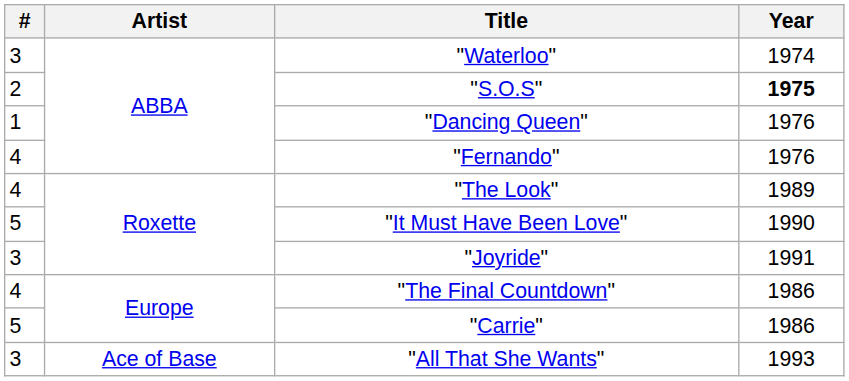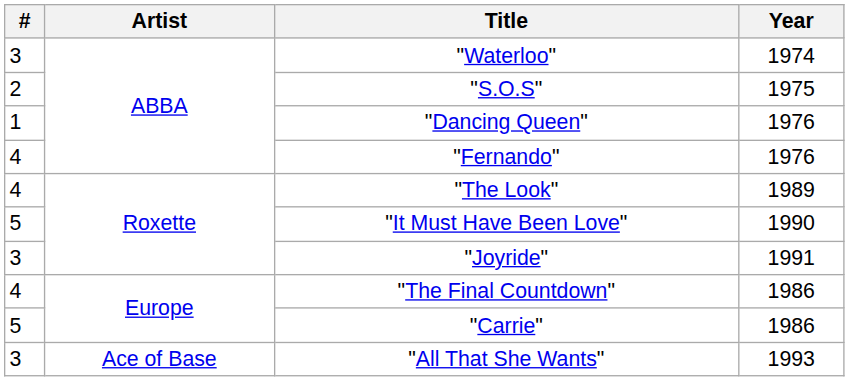 <table class="wikitable" ! style="width:50%; background:#fff">
 <tr>
 <th>#</th>
 <th>Artist</th>
 <th>Title</th>
 <th>Year</th>
 </tr>
 <tr>
 <td>3</td>
 <td style="text-align:center;" rowspan="4"><a href='#'>ABBA</a></td>
 <td style="text-align:center;">"<a href='#'>Waterloo</a>"</td>
 <td style="text-align:center;">1974</td>
 </tr>
 <tr>
 <td>2</td>
 <td style="text-align:center;">"<a href='#'>S.O.S</a>"</td>
-<td style="text-align:center;"><strong>1975</strong></td>
+<td style="text-align:center;">1975</td>
 </tr>
 <tr>
 <td>1</td>
 <td style="text-align:center;">"<a href='#'>Dancing Queen</a>"</td>
 <td style="text-align:center;">1976</td>
 </tr>
 <tr>
 <td>4</td>
 <td style="text-align:center;">"<a href='#'>Fernando</a>"</td>
 <td style="text-align:center;">1976</td>
 </tr>
 <tr>
 <td>4</td>
 <td style="text-align:center;" rowspan="3"><a href='#'>Roxette</a></td>
 <td style="text-align:center;">"<a href='#'>The Look</a>"</td>
 <td style="text-align:center;">1989</td>
 </tr>
 <tr>
 <td>5</td>
 <td style="text-align:center;">"<a href='#'>It Must Have Been Love</a>"</td>
 <td style="text-align:center;">1990</td>
 </tr>
 <tr>
 <td>3</td>
 <td style="text-align:center;">"<a href='#'>Joyride</a>"</td>
 <td style="text-align:center;">1991</td>
 </tr>
 <tr>
 <td>4</td>
 <td style="text-align:center;" rowspan="2"><a href='#'>Europe</a></td>
 <td style="text-align:center;">"<a href='#'>The Final Countdown</a>"</td>
 <td style="text-align:center;">1986</td>
 </tr>
 <tr>
 <td>5</td>
 <td style="text-align:center;">"<a href='#'>Carrie</a>"</td>
 <td style="text-align:center;">1986</td>
 </tr>
 <tr>
 <td>3</td>
 <td style="text-align:center;"><a href='#'>Ace of Base</a></td>
 <td style="text-align:center;">"<a href='#'>All That She Wants</a>"</td>
 <td style="text-align:center;">1993</td>
 </tr>
 </table>
